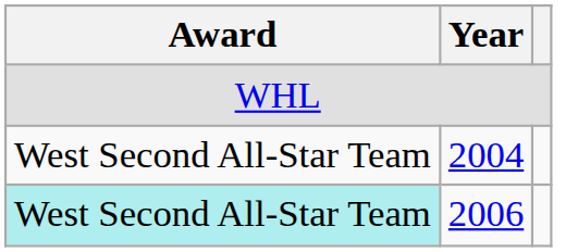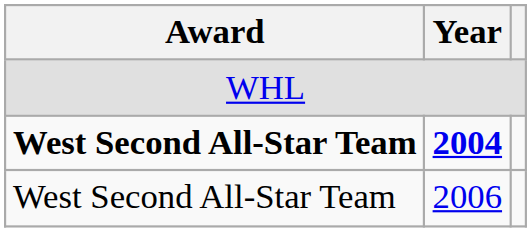 <table class="wikitable">
 <tr>
 <th>Award</th>
 <th>Year</th>
 <th></th>
 </tr>
 <tr ALIGN="center" bgcolor="#e0e0e0">
 <td colspan="3"><a href='#'>WHL</a></td>
 </tr>
 <tr>
-<td>West Second All-Star Team</td>
-<td><a href='#'>2004</a></td>
+<td><strong>West Second All-Star Team</strong></td>
+<td><strong><a href='#'>2004</a></strong></td>
 <td></td>
 </tr>
 <tr>
-<td style="background: paleturquoise;">West Second All-Star Team</td>
+<td>West Second All-Star Team</td>
 <td><a href='#'>2006</a></td>
 <td></td>
 </tr>
 </table>
